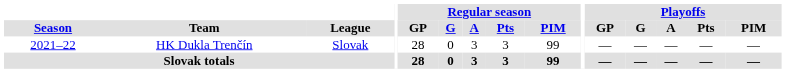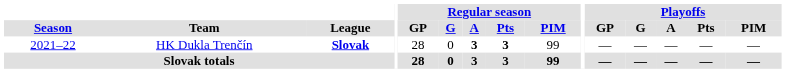 <table border="0" cellpadding="1" cellspacing="0" style="text-align:center; width:60em">
 <tr bgcolor="#e0e0e0">
 <th colspan="3" bgcolor="#ffffff"></th>
 <th rowspan="99" bgcolor="#ffffff"></th>
 <th colspan="5"><a href='#'>Regular season</a></th>
 <th rowspan="99" bgcolor="#ffffff"></th>
 <th colspan="5"><a href='#'>Playoffs</a></th>
 </tr>
 <tr bgcolor="#e0e0e0">
 <th><a href='#'>Season</a></th>
 <th>Team</th>
 <th>League</th>
 <th>GP</th>
 <th><a href='#'>G</a></th>
 <th><a href='#'>A</a></th>
 <th><a href='#'>Pts</a></th>
 <th><a href='#'>PIM</a></th>
 <th>GP</th>
 <th>G</th>
 <th>A</th>
 <th>Pts</th>
 <th>PIM</th>
 </tr>
 <tr>
 <td><a href='#'>2021–22</a></td>
 <td><a href='#'>HK Dukla Trenčín</a></td>
-<td><a href='#'>Slovak</a></td>
+<td><strong><a href='#'>Slovak</a></strong></td>
 <td>28</td>
 <td>0</td>
-<td>3</td>
-<td>3</td>
+<td><strong>3</strong></td>
+<td><strong>3</strong></td>
 <td>99</td>
 <td>—</td>
 <td>—</td>
 <td>—</td>
 <td>—</td>
 <td>—</td>
 </tr>
 <tr bgcolor="#e0e0e0">
 <th colspan="3">Slovak totals</th>
 <th>28</th>
 <th>0</th>
 <th>3</th>
 <th>3</th>
 <th>99</th>
 <th>—</th>
 <th>—</th>
 <th>—</th>
 <th>—</th>
 <th>—</th>
 </tr>
 </table>
